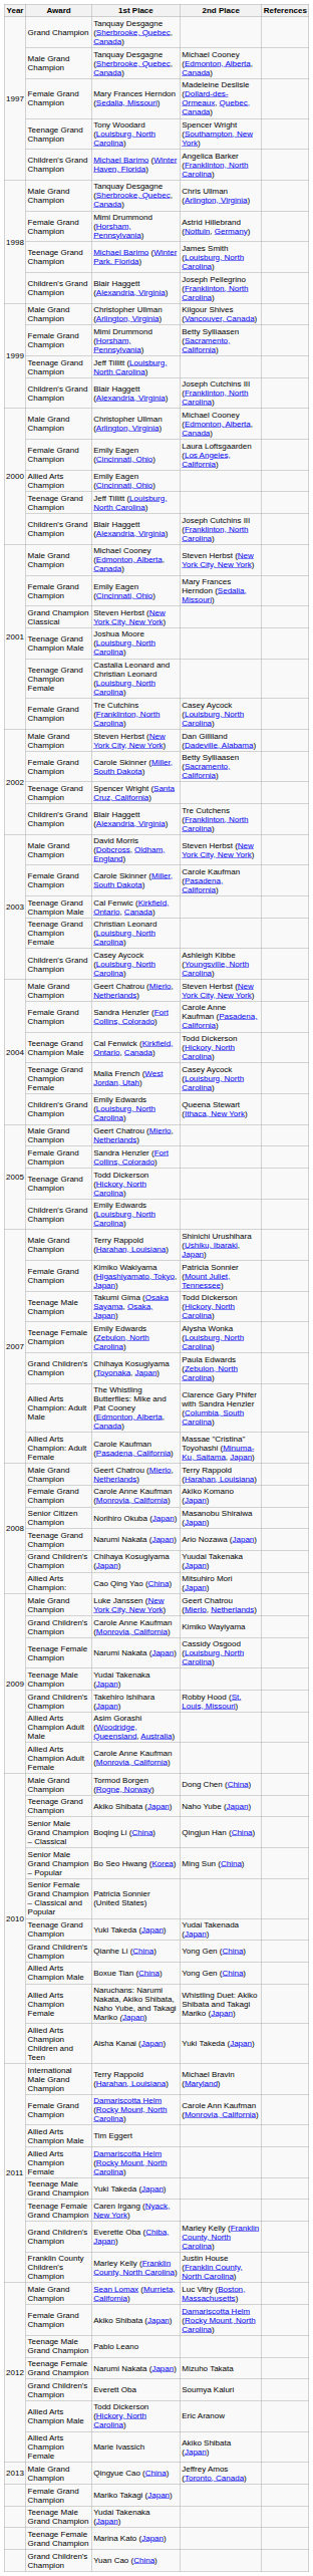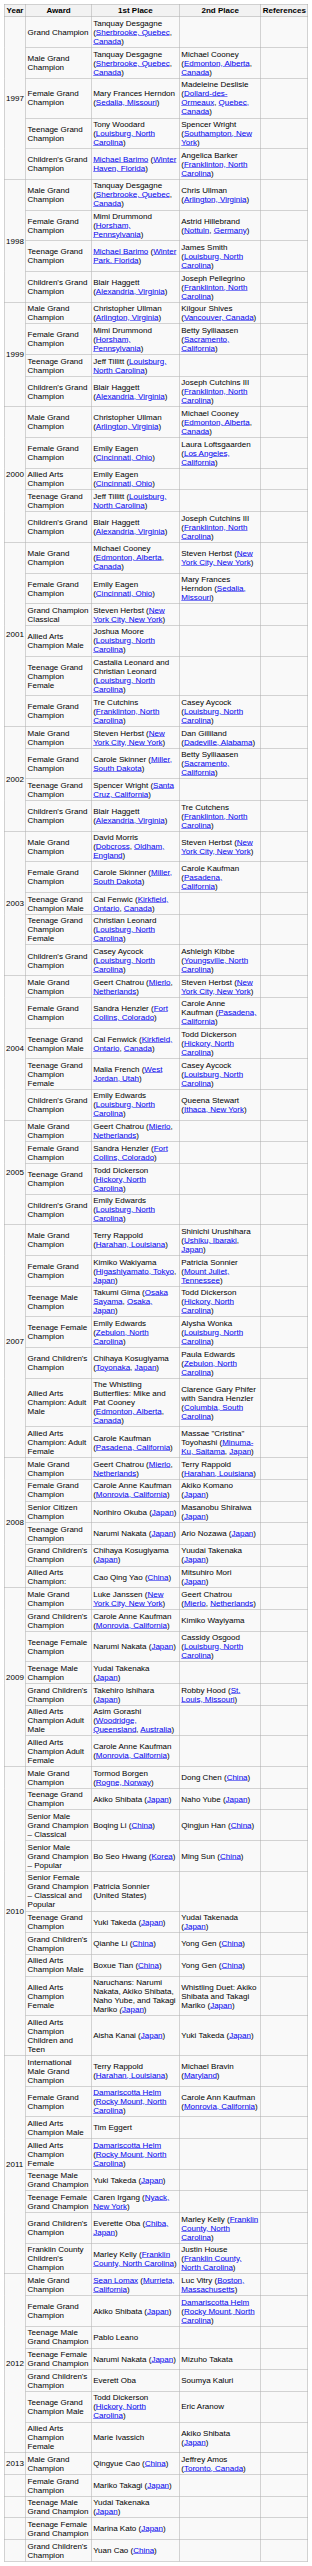 <table class="wikitable sortable">
 <tr>
 <th>Year</th>
 <th>Award</th>
 <th>1st Place</th>
 <th>2nd Place</th>
 <th>References</th>
 </tr>
 <tr>
 <td rowspan="5">1997</td>
 <td>Grand Champion</td>
 <td>Tanquay Desgagne (<a href='#'>Sherbrooke, Quebec</a>, <a href='#'>Canada</a>)</td>
 <td></td>
 <td></td>
 </tr>
 <tr>
 <td>Male Grand Champion</td>
 <td>Tanquay Desgagne (<a href='#'>Sherbrooke, Quebec</a>, <a href='#'>Canada</a>)</td>
 <td>Michael Cooney (<a href='#'>Edmonton, Alberta</a>, <a href='#'>Canada</a>)</td>
 <td></td>
 </tr>
 <tr>
 <td>Female Grand Champion</td>
 <td>Mary Frances Herndon (<a href='#'>Sedalia, Missouri</a>)</td>
 <td>Madeleine Deslisle (<a href='#'>Dollard-des-Ormeaux</a>, <a href='#'>Quebec, Canada</a>)</td>
 <td></td>
 </tr>
 <tr>
 <td>Teenage Grand Champion</td>
 <td>Tony Woodard (<a href='#'>Louisburg, North Carolina</a>)</td>
 <td>Spencer Wright (<a href='#'>Southampton, New York</a>)</td>
 <td></td>
 </tr>
 <tr>
 <td>Children's Grand Champion</td>
 <td><a href='#'>Michael Barimo</a> (<a href='#'>Winter Haven, Florida</a>)</td>
 <td>Angelica Barker (<a href='#'>Franklinton, North Carolina</a>)</td>
 <td></td>
 </tr>
 <tr>
 <td rowspan="4">1998</td>
 <td>Male Grand Champion</td>
 <td>Tanquay Desgagne (<a href='#'>Sherbrooke, Quebec</a>, <a href='#'>Canada</a>)</td>
 <td>Chris Ullman (<a href='#'>Arlington, Virginia</a>)</td>
 <td></td>
 </tr>
 <tr>
 <td>Female Grand Champion</td>
 <td>Mimi Drummond (<a href='#'>Horsham, Pennsylvania</a>)</td>
 <td>Astrid Hillebrand (<a href='#'>Nottuln</a>, <a href='#'>Germany</a>)</td>
 <td></td>
 </tr>
 <tr>
 <td>Teenage Grand Champion</td>
 <td><a href='#'>Michael Barimo</a> (<a href='#'>Winter Park. Florida</a>)</td>
 <td>James Smith (<a href='#'>Louisburg, North Carolina</a>)</td>
 <td></td>
 </tr>
 <tr>
 <td>Children's Grand Champion</td>
 <td>Blair Haggett (<a href='#'>Alexandria, Virginia</a>)</td>
 <td>Joseph Pellegrino (<a href='#'>Franklinton, North Carolina</a>)</td>
 <td></td>
 </tr>
 <tr>
 <td rowspan="4">1999</td>
 <td>Male Grand Champion</td>
 <td>Christopher Ullman (<a href='#'>Arlington, Virginia</a>)</td>
 <td>Kilgour Shives (<a href='#'>Vancouver, Canada</a>)</td>
 <td></td>
 </tr>
 <tr>
 <td>Female Grand Champion</td>
 <td>Mimi Drummond (<a href='#'>Horsham, Pennsylvania</a>)</td>
 <td>Betty Sylliaasen (<a href='#'>Sacramento, California</a>)</td>
 <td></td>
 </tr>
 <tr>
 <td>Teenage Grand Champion</td>
 <td>Jeff Tillitt (<a href='#'>Louisburg, North Carolina</a>)</td>
 <td></td>
 <td></td>
 </tr>
 <tr>
 <td>Children's Grand Champion</td>
 <td>Blair Haggett (<a href='#'>Alexandria, Virginia</a>)</td>
 <td>Joseph Cutchins III (<a href='#'>Franklinton, North Carolina</a>)</td>
 <td></td>
 </tr>
 <tr>
 <td rowspan="5">2000</td>
 <td>Male Grand Champion</td>
 <td>Christopher Ullman (<a href='#'>Arlington, Virginia</a>)</td>
 <td>Michael Cooney (<a href='#'>Edmonton, Alberta</a>, <a href='#'>Canada</a>)</td>
 <td></td>
 </tr>
 <tr>
 <td>Female Grand Champion</td>
 <td>Emily Eagen (<a href='#'>Cincinnati, Ohio</a>)</td>
 <td>Laura Loftsgaarden (<a href='#'>Los Angeles, California</a>)</td>
 <td></td>
 </tr>
 <tr>
 <td>Allied Arts Champion</td>
 <td>Emily Eagen (<a href='#'>Cincinnati, Ohio</a>)</td>
 <td></td>
 <td></td>
 </tr>
 <tr>
 <td>Teenage Grand Champion</td>
 <td>Jeff Tillitt (<a href='#'>Louisburg, North Carolina</a>)</td>
 <td></td>
 <td></td>
 </tr>
 <tr>
 <td>Children's Grand Champion</td>
 <td>Blair Haggett (<a href='#'>Alexandria, Virginia</a>)</td>
 <td>Joseph Cutchins III (<a href='#'>Franklinton, North Carolina</a>)</td>
 <td></td>
 </tr>
 <tr>
 <td rowspan="6">2001</td>
 <td>Male Grand Champion</td>
 <td>Michael Cooney (<a href='#'>Edmonton, Alberta</a>, <a href='#'>Canada</a>)</td>
 <td>Steven Herbst (<a href='#'>New York City, New York</a>)</td>
 <td></td>
 </tr>
 <tr>
 <td>Female Grand Champion</td>
 <td>Emily Eagen (<a href='#'>Cincinnati, Ohio</a>)</td>
 <td>Mary Frances Herndon (<a href='#'>Sedalia, Missouri</a>)</td>
 <td></td>
 </tr>
 <tr>
 <td>Grand Champion Classical</td>
 <td>Steven Herbst (<a href='#'>New York City, New York</a>)</td>
 <td></td>
 <td></td>
 </tr>
 <tr>
-<td>Teenage Grand Champion Male</td>
+<td>Allied Arts Champion Male</td>
 <td>Joshua Moore (<a href='#'>Louisburg, North Carolina</a>)</td>
 <td></td>
 <td></td>
 </tr>
 <tr>
 <td>Teenage Grand Champion Female</td>
 <td>Castalia Leonard and Christian Leonard (<a href='#'>Louisburg, North Carolina</a>)</td>
 <td></td>
 <td></td>
 </tr>
 <tr>
 <td>Female Grand Champion</td>
 <td>Tre Cutchins (<a href='#'>Franklinton, North Carolina</a>)</td>
 <td>Casey Aycock (<a href='#'>Louisburg, North Carolina</a>)</td>
 <td></td>
 </tr>
 <tr>
 <td rowspan="4">2002</td>
 <td>Male Grand Champion</td>
 <td>Steven Herbst (<a href='#'>New York City, New York</a>)</td>
 <td>Dan Gilliland (<a href='#'>Dadeville, Alabama</a>)</td>
 <td></td>
 </tr>
 <tr>
 <td>Female Grand Champion</td>
 <td>Carole Skinner (<a href='#'>Miller, South Dakota</a>)</td>
 <td>Betty Sylliaasen (<a href='#'>Sacramento, California</a>)</td>
 <td></td>
 </tr>
 <tr>
 <td>Teenage Grand Champion</td>
 <td>Spencer Wright (<a href='#'>Santa Cruz, California</a>)</td>
 <td></td>
 <td></td>
 </tr>
 <tr>
 <td>Children's Grand Champion</td>
 <td>Blair Haggett (<a href='#'>Alexandria, Virginia</a>)</td>
 <td>Tre Cutchens (<a href='#'>Franklinton, North Carolina</a>)</td>
 <td></td>
 </tr>
 <tr>
 <td rowspan="5">2003</td>
 <td>Male Grand Champion</td>
 <td>David Morris (<a href='#'>Dobcross</a>, <a href='#'>Oldham, England</a>)</td>
 <td>Steven Herbst (<a href='#'>New York City, New York</a>)</td>
 <td></td>
 </tr>
 <tr>
 <td>Female Grand Champion</td>
 <td>Carole Skinner (<a href='#'>Miller, South Dakota</a>)</td>
 <td>Carole Kaufman (<a href='#'>Pasadena, California</a>)</td>
 <td></td>
 </tr>
 <tr>
 <td>Teenage Grand Champion Male</td>
 <td>Cal Fenwic (<a href='#'>Kirkfield, Ontario</a>, <a href='#'>Canada</a>)</td>
 <td></td>
 <td></td>
 </tr>
 <tr>
 <td>Teenage Grand Champion Female</td>
 <td>Christian Leonard (<a href='#'>Louisburg, North Carolina</a>)</td>
 <td></td>
 <td></td>
 </tr>
 <tr>
 <td>Children's Grand Champion</td>
 <td>Casey Aycock (<a href='#'>Louisburg, North Carolina</a>)</td>
 <td>Ashleigh Kibbe (<a href='#'>Youngsville, North Carolina</a>)</td>
 <td></td>
 </tr>
 <tr>
 <td rowspan="5">2004</td>
 <td>Male Grand Champion</td>
 <td>Geert Chatrou (<a href='#'>Mierlo</a>, <a href='#'>Netherlands</a>)</td>
 <td>Steven Herbst (<a href='#'>New York City, New York</a>)</td>
 <td></td>
 </tr>
 <tr>
 <td>Female Grand Champion</td>
 <td>Sandra Henzler (<a href='#'>Fort Collins, Colorado</a>)</td>
 <td>Carole Anne Kaufman (<a href='#'>Pasadena, California</a>)</td>
 <td></td>
 </tr>
 <tr>
 <td>Teenage Grand Champion Male</td>
 <td>Cal Fenwick (<a href='#'>Kirkfield, Ontario</a>, <a href='#'>Canada</a>)</td>
 <td>Todd Dickerson (<a href='#'>Hickory, North Carolina</a>)</td>
 <td></td>
 </tr>
 <tr>
 <td>Teenage Grand Champion Female</td>
 <td>Malia French (<a href='#'>West Jordan, Utah</a>)</td>
 <td>Casey Aycock (<a href='#'>Louisburg, North Carolina</a>)</td>
 <td></td>
 </tr>
 <tr>
 <td>Children's Grand Champion</td>
 <td>Emily Edwards (<a href='#'>Louisburg, North Carolina</a>)</td>
 <td>Queena Stewart (<a href='#'>Ithaca, New York</a>)</td>
 <td></td>
 </tr>
 <tr>
 <td rowspan="4">2005</td>
 <td>Male Grand Champion</td>
 <td>Geert Chatrou (<a href='#'>Mierlo</a>, <a href='#'>Netherlands</a>)</td>
 <td></td>
 <td></td>
 </tr>
 <tr>
 <td>Female Grand Champion</td>
 <td>Sandra Henzler (<a href='#'>Fort Collins, Colorado</a>)</td>
 <td></td>
 <td></td>
 </tr>
 <tr>
 <td>Teenage Grand Champion</td>
 <td>Todd Dickerson (<a href='#'>Hickory, North Carolina</a>)</td>
 <td></td>
 <td></td>
 </tr>
 <tr>
 <td>Children's Grand Champion</td>
 <td>Emily Edwards (<a href='#'>Louisburg, North Carolina</a>)</td>
 <td></td>
 <td></td>
 </tr>
 <tr>
 <td rowspan="7">2007</td>
 <td>Male Grand Champion</td>
 <td>Terry Rappold (<a href='#'>Harahan, Louisiana</a>)</td>
 <td>Shinichi Urushihara (<a href='#'>Ushiku, Ibaraki</a>, <a href='#'>Japan</a>)</td>
 <td></td>
 </tr>
 <tr>
 <td>Female Grand Champion</td>
 <td>Kimiko Wakiyama (<a href='#'>Higashiyamato, Tokyo</a>, <a href='#'>Japan</a>)</td>
 <td>Patricia Sonnier (<a href='#'>Mount Juliet, Tennessee</a>)</td>
 <td></td>
 </tr>
 <tr>
 <td>Teenage Male Champion</td>
 <td>Takumi Gima (<a href='#'>Osaka Sayama</a>, <a href='#'>Osaka, Japan</a>)</td>
 <td>Todd Dickerson (<a href='#'>Hickory, North Carolina</a>)</td>
 <td></td>
 </tr>
 <tr>
 <td>Teenage Female Champion</td>
 <td>Emily Edwards (<a href='#'>Zebulon, North Carolina</a>)</td>
 <td>Alysha Wonka (<a href='#'>Louisburg, North Carolina</a>)</td>
 <td></td>
 </tr>
 <tr>
 <td>Grand Children's Champion</td>
 <td>Chihaya Kosugiyama (<a href='#'>Toyonaka</a>, <a href='#'>Japan</a>)</td>
 <td>Paula Edwards (<a href='#'>Zebulon, North Carolina</a>)</td>
 <td></td>
 </tr>
 <tr>
 <td>Allied Arts Champion: Adult Male</td>
 <td>The Whistling Butterflies: Mike and Pat Cooney (<a href='#'>Edmonton, Alberta</a>, <a href='#'>Canada</a>)</td>
 <td>Clarence Gary Phifer with Sandra Henzler (<a href='#'>Columbia, South Carolina</a>)</td>
 <td></td>
 </tr>
 <tr>
 <td>Allied Arts Champion: Adult Female</td>
 <td>Carole Kaufman (<a href='#'>Pasadena, California</a>)</td>
 <td>Massae "Cristina" Toyohashi (<a href='#'>Minuma-Ku, Saitama</a>, <a href='#'>Japan</a>)</td>
 <td></td>
 </tr>
 <tr>
 <td rowspan="6">2008</td>
 <td>Male Grand Champion</td>
 <td>Geert Chatrou (<a href='#'>Mierlo</a>, <a href='#'>Netherlands</a>)</td>
 <td>Terry Rappold (<a href='#'>Harahan, Louisiana</a>)</td>
 <td></td>
 </tr>
 <tr>
 <td>Female Grand Champion</td>
 <td>Carole Anne Kaufman (<a href='#'>Monrovia, California</a>)</td>
 <td>Akiko Komano (<a href='#'>Japan</a>)</td>
 <td></td>
 </tr>
 <tr>
 <td>Senior Citizen Champion</td>
 <td>Norihiro Okuba (<a href='#'>Japan</a>)</td>
 <td>Masanobu Shiraiwa (<a href='#'>Japan</a>)</td>
 <td></td>
 </tr>
 <tr>
 <td>Teenage Grand Champion</td>
 <td>Narumi Nakata (<a href='#'>Japan</a>)</td>
 <td>Ario Nozawa (<a href='#'>Japan</a>)</td>
 <td></td>
 </tr>
 <tr>
 <td>Grand Children's Champion</td>
 <td>Chihaya Kosugiyama (<a href='#'>Japan</a>)</td>
 <td>Yuudai Takenaka (<a href='#'>Japan</a>)</td>
 <td></td>
 </tr>
 <tr>
 <td>Allied Arts Champion:</td>
 <td>Cao Qing Yao (<a href='#'>China</a>)</td>
 <td>Mitsuhiro Mori (<a href='#'>Japan</a>)</td>
 <td></td>
 </tr>
 <tr>
 <td rowspan="7">2009</td>
 <td>Male Grand Champion</td>
 <td>Luke Janssen (<a href='#'>New York City, New York</a>)</td>
 <td>Geert Chatrou (<a href='#'>Mierlo</a>, <a href='#'>Netherlands</a>)</td>
 <td></td>
 </tr>
 <tr>
 <td>Grand Children's Champion</td>
 <td>Carole Anne Kaufman (<a href='#'>Monrovia, California</a>)</td>
 <td>Kimiko Wayiyama</td>
 <td></td>
 </tr>
 <tr>
 <td>Teenage Female Champion</td>
 <td>Narumi Nakata (<a href='#'>Japan</a>)</td>
 <td>Cassidy Osgood (<a href='#'>Louisburg, North Carolina</a>)</td>
 <td></td>
 </tr>
 <tr>
 <td>Teenage Male Champion</td>
 <td>Yudai Takenaka (<a href='#'>Japan</a>)</td>
 <td></td>
 <td></td>
 </tr>
 <tr>
 <td>Grand Children's Champion</td>
 <td>Takehiro Ishihara (<a href='#'>Japan</a>)</td>
 <td>Robby Hood (<a href='#'>St. Louis, Missouri</a>)</td>
 <td></td>
 </tr>
 <tr>
 <td>Allied Arts Champion Adult Male</td>
 <td>Asim Gorashi (<a href='#'>Woodridge, Queensland</a>, <a href='#'>Australia</a>)</td>
 <td></td>
 <td></td>
 </tr>
 <tr>
 <td>Allied Arts Champion Adult Female</td>
 <td>Carole Anne Kaufman (<a href='#'>Monrovia, California</a>)</td>
 <td></td>
 <td></td>
 </tr>
 <tr>
 <td rowspan="10">2010</td>
 <td>Male Grand Champion</td>
 <td>Tormod Borgen (<a href='#'>Rogne, Norway</a>)</td>
 <td>Dong Chen (<a href='#'>China</a>)</td>
 <td></td>
 </tr>
 <tr>
 <td>Teenage Grand Champion</td>
 <td>Akiko Shibata (<a href='#'>Japan</a>)</td>
 <td>Naho Yube (<a href='#'>Japan</a>)</td>
 <td></td>
 </tr>
 <tr>
 <td>Senior Male Grand Champion – Classical</td>
 <td>Boqing Li (<a href='#'>China</a>)</td>
 <td>Qingjun Han (<a href='#'>China</a>)</td>
 <td></td>
 </tr>
 <tr>
 <td>Senior Male Grand Champion – Popular</td>
 <td>Bo Seo Hwang (<a href='#'>Korea</a>)</td>
 <td>Ming Sun (<a href='#'>China</a>)</td>
 <td></td>
 </tr>
 <tr>
 <td>Senior Female Grand Champion – Classical and Popular</td>
 <td>Patricia Sonnier (United States)</td>
 <td></td>
 <td></td>
 </tr>
 <tr>
 <td>Teenage Grand Champion</td>
 <td>Yuki Takeda (<a href='#'>Japan</a>)</td>
 <td>Yudai Takenada (<a href='#'>Japan</a>)</td>
 <td></td>
 </tr>
 <tr>
 <td>Grand Children's Champion</td>
 <td>Qianhe Li (<a href='#'>China</a>)</td>
 <td>Yong Gen (<a href='#'>China</a>)</td>
 <td></td>
 </tr>
 <tr>
 <td>Allied Arts Champion Male</td>
 <td>Boxue Tian (<a href='#'>China</a>)</td>
 <td>Yong Gen (<a href='#'>China</a>)</td>
 <td></td>
 </tr>
 <tr>
 <td>Allied Arts Champion Female</td>
 <td>Naruchans: Narumi Nakata, Akiko Shibata, Naho Yube, and Takagi Mariko <em>(</em><a href='#'>Japan</a>)</td>
 <td>Whistling Duet: Akiko Shibata and Takagi Mariko (<a href='#'>Japan</a>)</td>
 <td></td>
 </tr>
 <tr>
 <td>Allied Arts Champion Children and Teen</td>
 <td>Aisha Kanai (<a href='#'>Japan</a>)</td>
 <td>Yuki Takeda (<a href='#'>Japan</a>)</td>
 <td></td>
 </tr>
 <tr>
 <td rowspan="8">2011</td>
 <td>International Male Grand Champion</td>
 <td>Terry Rappold (<a href='#'>Harahan, Louisiana</a>)</td>
 <td>Michael Bravin (<a href='#'>Maryland</a>)</td>
 <td></td>
 </tr>
 <tr>
 <td>Female Grand Champion</td>
 <td><a href='#'>Damariscotta Helm</a> (<a href='#'>Rocky Mount, North Carolina</a>)</td>
 <td>Carole Ann Kaufman (<a href='#'>Monrovia, California</a>)</td>
 <td></td>
 </tr>
 <tr>
 <td>Allied Arts Champion Male</td>
 <td>Tim Eggert</td>
 <td></td>
 <td></td>
 </tr>
 <tr>
 <td>Allied Arts Champion Female</td>
 <td><a href='#'>Damariscotta Helm</a> (<a href='#'>Rocky Mount, North Carolina</a>)</td>
 <td></td>
 <td></td>
 </tr>
 <tr>
 <td>Teenage Male Grand Champion</td>
 <td>Yuki Takeda (<a href='#'>Japan</a>)</td>
 <td></td>
 <td></td>
 </tr>
 <tr>
 <td>Teenage Female Grand Champion</td>
 <td>Caren Irgang (<a href='#'>Nyack, New York</a>)</td>
 <td></td>
 <td></td>
 </tr>
 <tr>
 <td>Grand Children's Champion</td>
 <td>Everette Oba (<a href='#'>Chiba, Japan</a>)</td>
 <td>Marley Kelly (<a href='#'>Franklin County, North Carolina</a>)</td>
 <td></td>
 </tr>
 <tr>
 <td>Franklin County Children's Champion</td>
 <td>Marley Kelly (<a href='#'>Franklin County, North Carolina</a>)</td>
 <td>Justin House  (<a href='#'>Franklin County, North Carolina</a>)</td>
 <td></td>
 </tr>
 <tr>
 <td rowspan="7">2012</td>
 <td>Male Grand Champion</td>
 <td><a href='#'>Sean Lomax</a> (<a href='#'>Murrieta, California</a>)</td>
 <td>Luc Vitry (<a href='#'>Boston, Massachusetts</a>)</td>
 <td></td>
 </tr>
 <tr>
 <td>Female Grand Champion</td>
 <td>Akiko Shibata (<a href='#'>Japan</a>)</td>
 <td><a href='#'>Damariscotta Helm</a> (<a href='#'>Rocky Mount, North Carolina</a>)</td>
 <td></td>
 </tr>
 <tr>
 <td>Teenage Male Grand Champion</td>
 <td>Pablo Leano</td>
 <td></td>
 <td></td>
 </tr>
 <tr>
 <td>Teenage Female Grand Champion</td>
 <td>Narumi Nakata (<a href='#'>Japan</a>)</td>
 <td>Mizuho Takata</td>
 <td></td>
 </tr>
 <tr>
 <td>Grand Children's Champion</td>
 <td>Everett Oba</td>
 <td>Soumya Kaluri</td>
 <td></td>
 </tr>
 <tr>
-<td>Allied Arts Champion Male</td>
+<td>Teenage Grand Champion Male</td>
 <td>Todd Dickerson (<a href='#'>Hickory, North Carolina</a>)</td>
 <td>Eric Aranow</td>
 <td></td>
 </tr>
 <tr>
 <td>Allied Arts Champion Female</td>
 <td>Marie Ivassich</td>
 <td>Akiko Shibata (<a href='#'>Japan</a>)</td>
 <td></td>
 </tr>
 <tr>
 <td>2013</td>
 <td>Male Grand Champion</td>
 <td>Qingyue Cao (<a href='#'>China</a>)</td>
 <td>Jeffrey Amos (<a href='#'>Toronto, Canada</a>)</td>
 <td></td>
 </tr>
 <tr>
 <td></td>
 <td>Female Grand Champion</td>
 <td>Mariko Takagi (<a href='#'>Japan</a>)</td>
 <td></td>
 <td></td>
 </tr>
 <tr>
 <td></td>
 <td>Teenage Male Grand Champion</td>
 <td>Yudai Takenaka (<a href='#'>Japan</a>)</td>
 <td></td>
 <td></td>
 </tr>
 <tr>
 <td></td>
 <td>Teenage Female Grand Champion</td>
 <td>Marina Kato (<a href='#'>Japan</a>)</td>
 <td></td>
 <td></td>
 </tr>
 <tr>
 <td></td>
 <td>Grand Children's Champion</td>
 <td>Yuan Cao (<a href='#'>China</a>)</td>
 <td></td>
 <td></td>
 </tr>
 </table>
